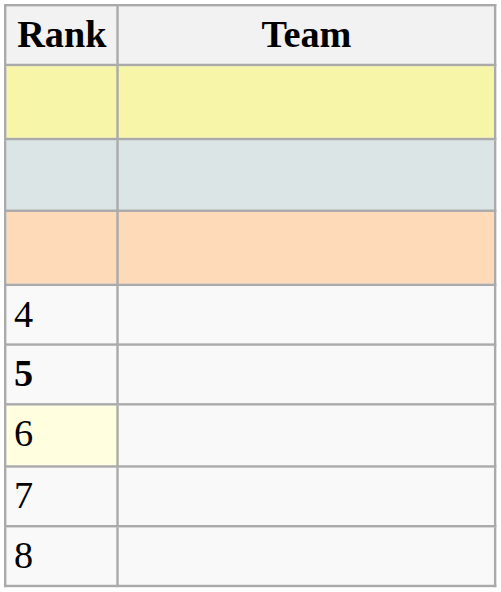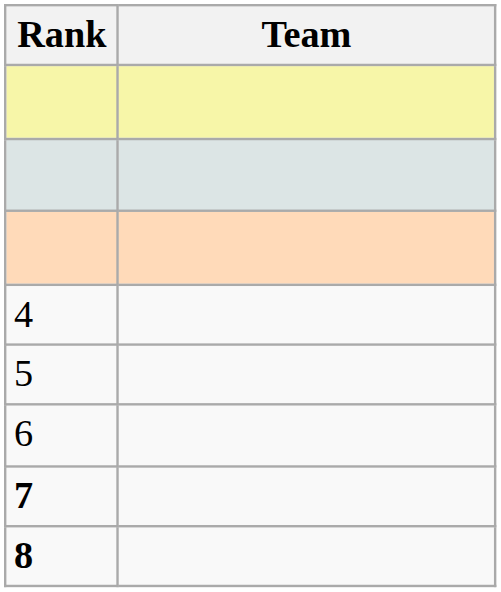 <table class="wikitable">
 <tr>
 <th width=40>Rank</th>
 <th width=150>Team</th>
 </tr>
 <tr bgcolor="#F7F6A8">
 <td style="alignt:center; height:23px;"></td>
 <td></td>
 </tr>
 <tr bgcolor="#DCE5E5">
 <td style="alignt:center; height:23px;"></td>
 <td></td>
 </tr>
 <tr bgcolor="#FFDAB9">
 <td style="alignt:center; height:23px;"></td>
 <td></td>
 </tr>
 <tr>
 <td style="alignt:center;">4</td>
 <td></td>
 </tr>
 <tr>
-<td style="alignt:center;"><strong>5</strong></td>
+<td style="alignt:center;">5</td>
 <td></td>
 </tr>
 <tr>
-<td style="background: lightyellow; alignt:center;">6</td>
+<td style="alignt:center;">6</td>
 <td></td>
 </tr>
 <tr>
-<td style="alignt:center;">7</td>
+<td style="alignt:center;"><strong>7</strong></td>
 <td></td>
 </tr>
 <tr>
-<td style="alignt:center;">8</td>
+<td style="alignt:center;"><strong>8</strong></td>
 <td></td>
 </tr>
 </table>
